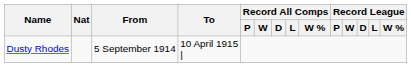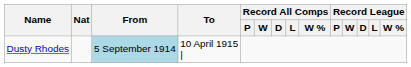 <table class="wikitable" style="text-align: center">
 <tr>
 <th rowspan="2">Name</th>
 <th rowspan="2">Nat</th>
 <th rowspan="2">From</th>
 <th rowspan="2">To</th>
 <th colspan="5">Record All Comps</th>
 <th colspan="5">Record League</th>
 </tr>
 <tr>
 <th>P</th>
 <th>W</th>
 <th>D</th>
 <th>L</th>
 <th>W %</th>
 <th>P</th>
 <th>W</th>
 <th>D</th>
 <th>L</th>
 <th>W %</th>
 </tr>
 <tr>
 <td align=left><a href='#'>Dusty Rhodes</a></td>
 <td></td>
-<td align=left>5 September 1914</td>
+<td align=left style="background: lightblue;">5 September 1914</td>
 <td align=left>10 April 1915<br>|</td>
 </tr>
 </table>
